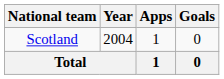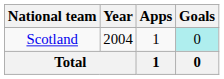 <table class="wikitable" style="text-align: center">
 <tr>
 <th>National team</th>
 <th>Year</th>
 <th>Apps</th>
 <th>Goals</th>
 </tr>
 <tr>
 <td><a href='#'>Scotland</a></td>
 <td>2004</td>
 <td>1</td>
-<td>0</td>
+<td style="background: paleturquoise;">0</td>
 </tr>
 <tr>
 <th colspan="2">Total</th>
 <th>1</th>
 <th>0</th>
 </tr>
 </table>
